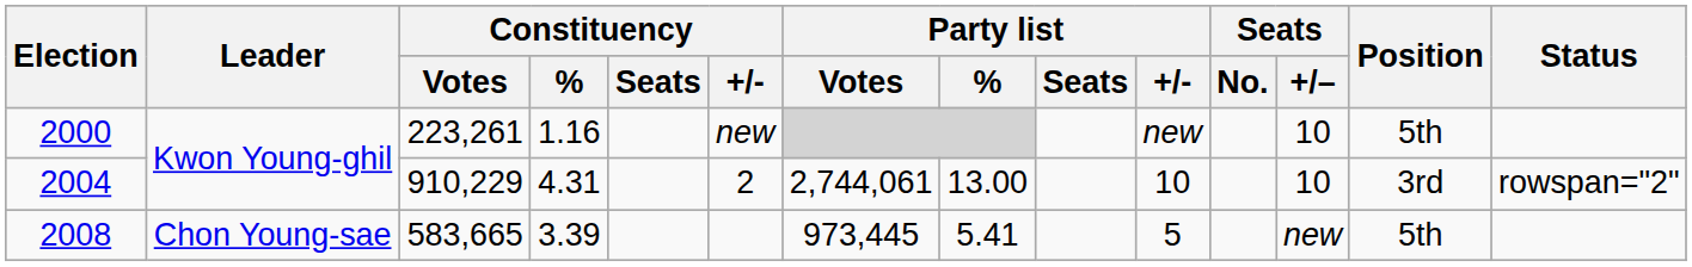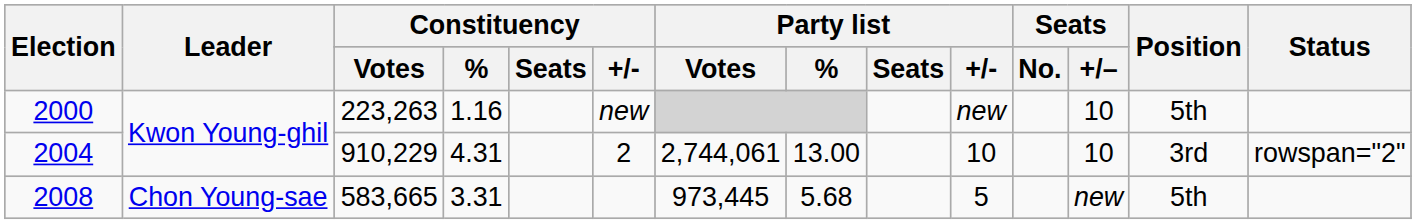 <table class="wikitable" style="text-align:center">
 <tr>
 <th rowspan="2">Election</th>
 <th rowspan="2">Leader</th>
 <th colspan="4">Constituency</th>
 <th colspan="4">Party list</th>
 <th colspan="2">Seats</th>
 <th rowspan="2">Position</th>
 <th rowspan="2">Status</th>
 </tr>
 <tr>
 <th>Votes</th>
 <th>%</th>
 <th>Seats</th>
 <th>+/-</th>
 <th>Votes</th>
 <th>%</th>
 <th>Seats</th>
 <th>+/-</th>
 <th>No.</th>
 <th>+/–</th>
 </tr>
 <tr>
 <td><a href='#'>2000</a></td>
 <td rowspan="2"><a href='#'>Kwon Young-ghil</a></td>
-<td>223,261</td>
+<td>223,263</td>
 <td>1.16</td>
 <td></td>
 <td><em>new</em></td>
 <td colspan="2" bgcolor="lightgrey"></td>
 <td></td>
 <td><em>new</em></td>
 <td></td>
 <td> 10</td>
 <td>5th</td>
 <td></td>
 </tr>
 <tr>
 <td><a href='#'>2004</a></td>
 <td>910,229</td>
 <td>4.31</td>
 <td></td>
 <td> 2</td>
 <td>2,744,061</td>
 <td>13.00</td>
 <td></td>
 <td> 10</td>
 <td></td>
 <td> 10</td>
 <td>3rd</td>
 <td>rowspan="2" </td>
 </tr>
 <tr>
 <td><a href='#'>2008</a></td>
 <td><a href='#'>Chon Young-sae</a></td>
 <td>583,665</td>
-<td>3.39</td>
+<td>3.31</td>
 <td></td>
 <td></td>
 <td>973,445</td>
-<td>5.41</td>
+<td>5.68</td>
 <td></td>
 <td> 5</td>
 <td></td>
 <td><em>new</em></td>
 <td>5th</td>
 </tr>
 </table>
